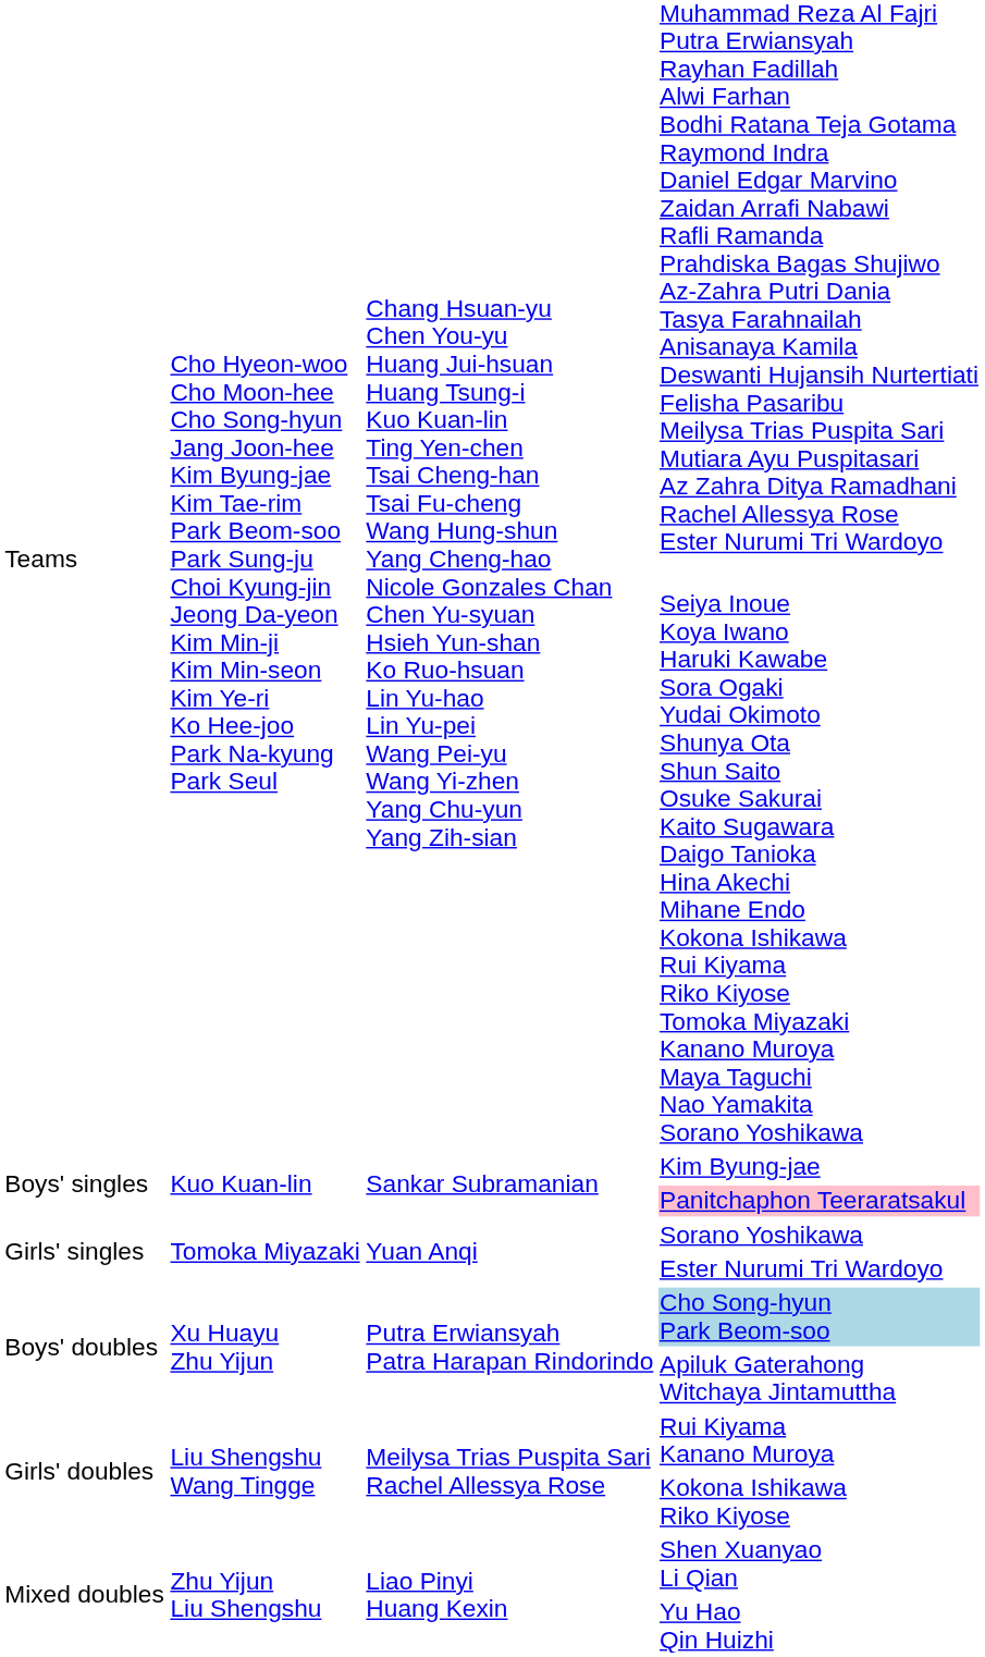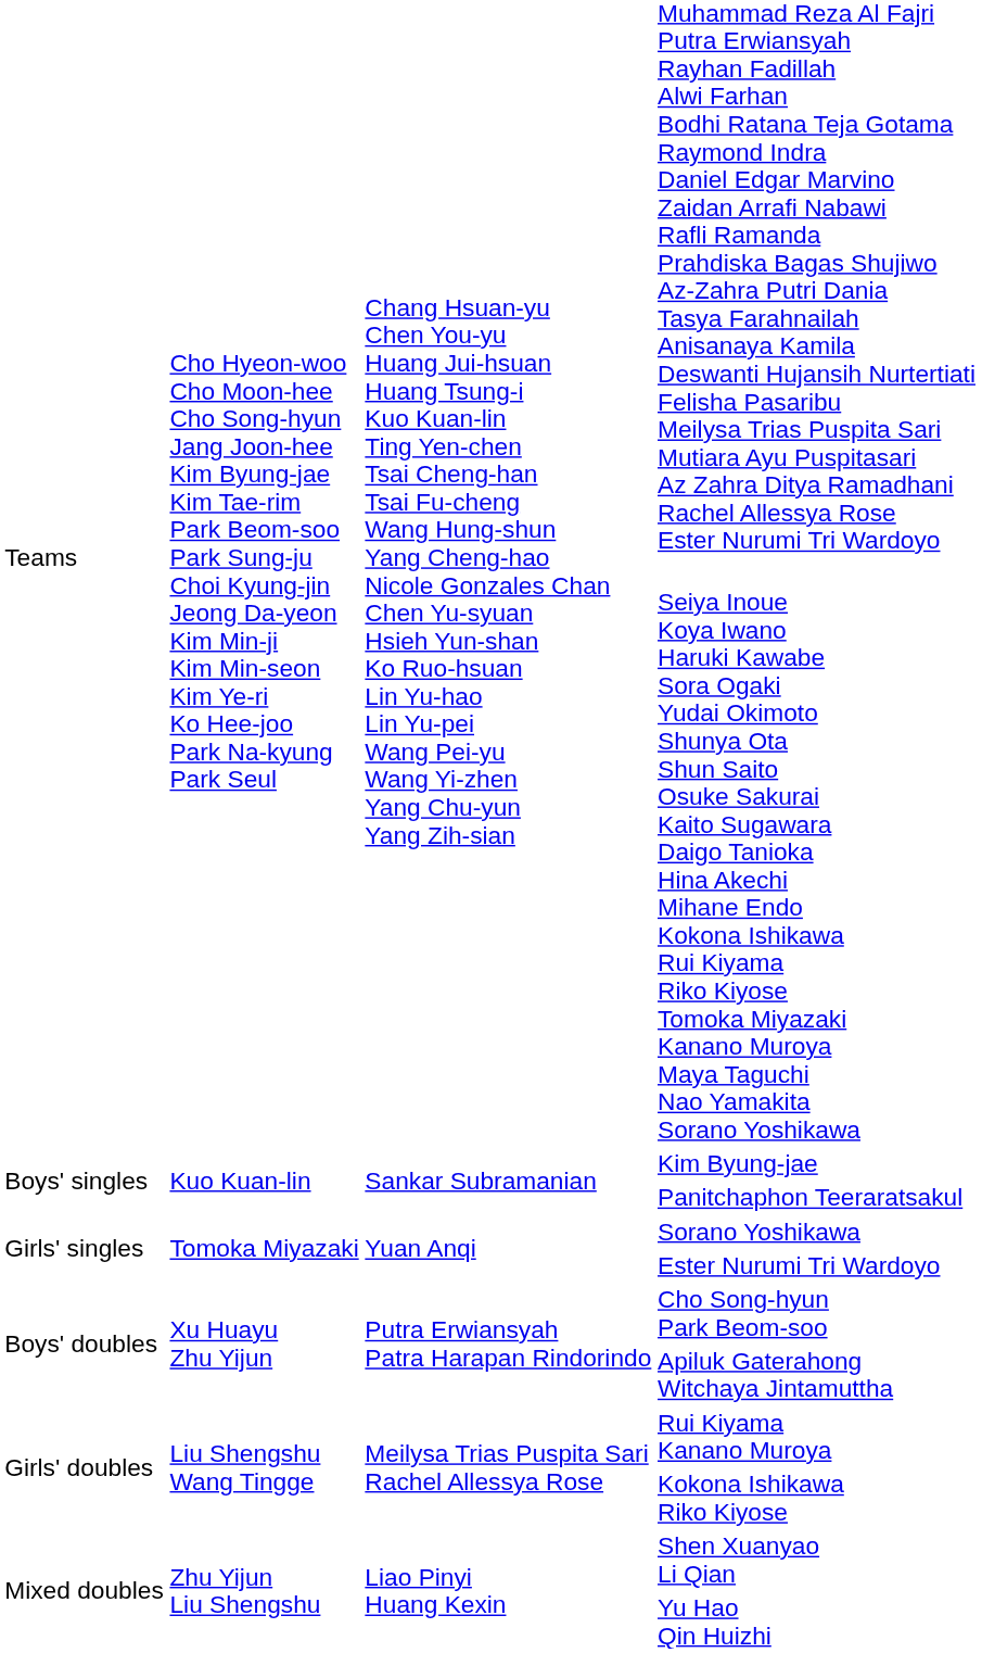 <table>
 <tr>
 <td rowspan=2>Teams<br></td>
 <td rowspan=2><br><a href='#'>Cho Hyeon-woo</a><br><a href='#'>Cho Moon-hee</a><br><a href='#'>Cho Song-hyun</a><br><a href='#'>Jang Joon-hee</a><br><a href='#'>Kim Byung-jae</a><br><a href='#'>Kim Tae-rim</a><br><a href='#'>Park Beom-soo</a><br><a href='#'>Park Sung-ju</a><br><a href='#'>Choi Kyung-jin</a><br><a href='#'>Jeong Da-yeon</a><br><a href='#'>Kim Min-ji</a><br><a href='#'>Kim Min-seon</a><br><a href='#'>Kim Ye-ri</a><br><a href='#'>Ko Hee-joo</a><br><a href='#'>Park Na-kyung</a><br><a href='#'>Park Seul</a></td>
 <td rowspan=2><br><a href='#'>Chang Hsuan-yu</a><br><a href='#'>Chen You-yu</a><br><a href='#'>Huang Jui-hsuan</a><br><a href='#'>Huang Tsung-i</a><br><a href='#'>Kuo Kuan-lin</a><br><a href='#'>Ting Yen-chen</a><br><a href='#'>Tsai Cheng-han</a><br><a href='#'>Tsai Fu-cheng</a><br><a href='#'>Wang Hung-shun</a><br><a href='#'>Yang Cheng-hao</a><br><a href='#'>Nicole Gonzales Chan</a><br><a href='#'>Chen Yu-syuan</a><br><a href='#'>Hsieh Yun-shan</a><br><a href='#'>Ko Ruo-hsuan</a><br><a href='#'>Lin Yu-hao</a><br><a href='#'>Lin Yu-pei</a><br><a href='#'>Wang Pei-yu</a><br><a href='#'>Wang Yi-zhen</a><br><a href='#'>Yang Chu-yun</a><br><a href='#'>Yang Zih-sian</a></td>
 <td><br><a href='#'>Muhammad Reza Al Fajri</a><br><a href='#'>Putra Erwiansyah</a><br><a href='#'>Rayhan Fadillah</a><br><a href='#'>Alwi Farhan</a><br><a href='#'>Bodhi Ratana Teja Gotama</a><br><a href='#'>Raymond Indra</a><br><a href='#'>Daniel Edgar Marvino</a><br><a href='#'>Zaidan Arrafi Nabawi</a><br><a href='#'>Rafli Ramanda</a><br><a href='#'>Prahdiska Bagas Shujiwo</a><br><a href='#'>Az-Zahra Putri Dania</a><br><a href='#'>Tasya Farahnailah</a><br><a href='#'>Anisanaya Kamila</a><br><a href='#'>Deswanti Hujansih Nurtertiati</a><br><a href='#'>Felisha Pasaribu</a><br><a href='#'>Meilysa Trias Puspita Sari</a><br><a href='#'>Mutiara Ayu Puspitasari</a><br><a href='#'>Az Zahra Ditya Ramadhani</a><br><a href='#'>Rachel Allessya Rose</a><br><a href='#'>Ester Nurumi Tri Wardoyo</a></td>
 </tr>
 <tr>
 <td><br><a href='#'>Seiya Inoue</a><br><a href='#'>Koya Iwano</a><br><a href='#'>Haruki Kawabe</a><br><a href='#'>Sora Ogaki</a><br><a href='#'>Yudai Okimoto</a><br><a href='#'>Shunya Ota</a><br><a href='#'>Shun Saito</a><br><a href='#'>Osuke Sakurai</a><br><a href='#'>Kaito Sugawara</a><br><a href='#'>Daigo Tanioka</a><br><a href='#'>Hina Akechi</a><br><a href='#'>Mihane Endo</a><br><a href='#'>Kokona Ishikawa</a><br><a href='#'>Rui Kiyama</a><br><a href='#'>Riko Kiyose</a><br><a href='#'>Tomoka Miyazaki</a><br><a href='#'>Kanano Muroya</a><br><a href='#'>Maya Taguchi</a><br><a href='#'>Nao Yamakita</a><br><a href='#'>Sorano Yoshikawa</a></td>
 </tr>
 <tr>
 <td rowspan="2">Boys' singles<br></td>
 <td rowspan="2"> <a href='#'>Kuo Kuan-lin</a></td>
 <td rowspan="2"> <a href='#'>Sankar Subramanian</a></td>
 <td> <a href='#'>Kim Byung-jae</a></td>
 </tr>
 <tr>
-<td style="background: pink;"> <a href='#'>Panitchaphon Teeraratsakul</a></td>
+<td> <a href='#'>Panitchaphon Teeraratsakul</a></td>
 </tr>
 <tr>
 <td rowspan="2">Girls' singles<br></td>
 <td rowspan="2"> <a href='#'>Tomoka Miyazaki</a></td>
 <td rowspan="2"> <a href='#'>Yuan Anqi</a></td>
 <td> <a href='#'>Sorano Yoshikawa</a></td>
 </tr>
 <tr>
 <td> <a href='#'>Ester Nurumi Tri Wardoyo</a></td>
 </tr>
 <tr>
 <td rowspan="2">Boys' doubles<br></td>
 <td rowspan="2"> <a href='#'>Xu Huayu</a><br> <a href='#'>Zhu Yijun</a></td>
 <td rowspan="2"> <a href='#'>Putra Erwiansyah</a><br> <a href='#'>Patra Harapan Rindorindo</a></td>
-<td style="background: lightblue;"> <a href='#'>Cho Song-hyun</a><br> <a href='#'>Park Beom-soo</a></td>
+<td> <a href='#'>Cho Song-hyun</a><br> <a href='#'>Park Beom-soo</a></td>
 </tr>
 <tr>
 <td> <a href='#'>Apiluk Gaterahong</a><br> <a href='#'>Witchaya Jintamuttha</a></td>
 </tr>
 <tr>
 <td rowspan="2">Girls' doubles<br></td>
 <td rowspan="2"> <a href='#'>Liu Shengshu</a><br> <a href='#'>Wang Tingge</a></td>
 <td rowspan="2"> <a href='#'>Meilysa Trias Puspita Sari</a><br> <a href='#'>Rachel Allessya Rose</a></td>
 <td> <a href='#'>Rui Kiyama</a><br> <a href='#'>Kanano Muroya</a></td>
 </tr>
 <tr>
 <td> <a href='#'>Kokona Ishikawa</a><br> <a href='#'>Riko Kiyose</a></td>
 </tr>
 <tr>
 <td rowspan="2">Mixed doubles<br></td>
 <td rowspan="2"> <a href='#'>Zhu Yijun</a><br> <a href='#'>Liu Shengshu</a></td>
 <td rowspan="2"> <a href='#'>Liao Pinyi</a><br> <a href='#'>Huang Kexin</a></td>
 <td> <a href='#'>Shen Xuanyao</a><br> <a href='#'>Li Qian</a></td>
 </tr>
 <tr>
 <td> <a href='#'>Yu Hao</a><br> <a href='#'>Qin Huizhi</a></td>
 </tr>
 </table>
